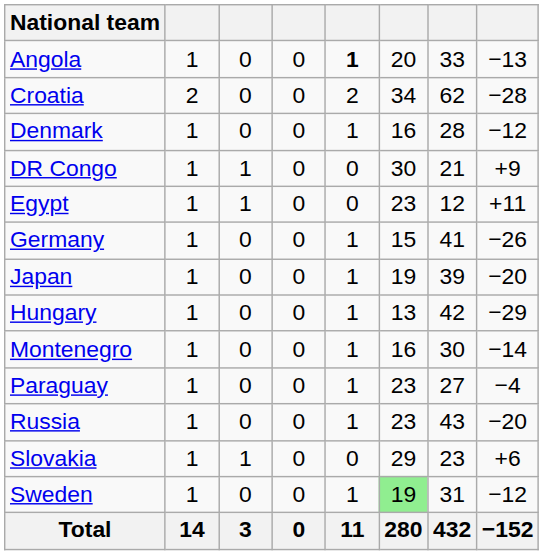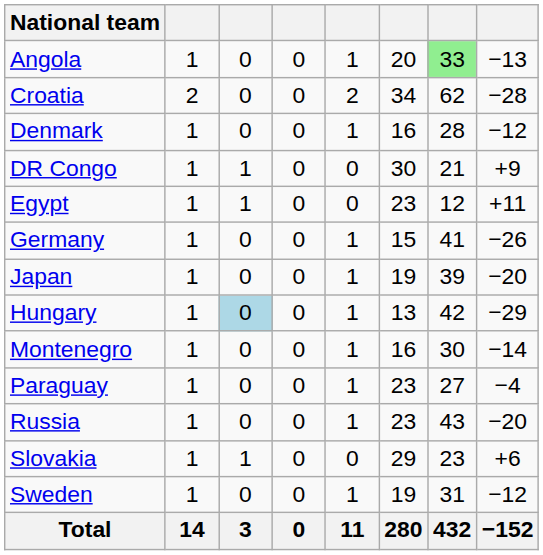 <table class="wikitable" style="text-align: center;">
 <tr>
 <th>National team</th>
 <th width="30"></th>
 <th width="30"></th>
 <th width="30"></th>
 <th width="30"></th>
 <th></th>
 <th></th>
 <th></th>
 </tr>
 <tr>
 <td align="left"> <a href='#'>Angola</a></td>
 <td>1</td>
 <td>0</td>
 <td>0</td>
-<td><strong>1</strong></td>
+<td>1</td>
 <td>20</td>
-<td>33</td>
+<td style="background: lightgreen;">33</td>
 <td>−13</td>
 </tr>
 <tr>
 <td align="left"> <a href='#'>Croatia</a></td>
 <td>2</td>
 <td>0</td>
 <td>0</td>
 <td>2</td>
 <td>34</td>
 <td>62</td>
 <td>−28</td>
 </tr>
 <tr>
 <td align="left"> <a href='#'>Denmark</a></td>
 <td>1</td>
 <td>0</td>
 <td>0</td>
 <td>1</td>
 <td>16</td>
 <td>28</td>
 <td>−12</td>
 </tr>
 <tr>
 <td align="left"> <a href='#'>DR Congo</a></td>
 <td>1</td>
 <td>1</td>
 <td>0</td>
 <td>0</td>
 <td>30</td>
 <td>21</td>
 <td>+9</td>
 </tr>
 <tr>
 <td align="left"> <a href='#'>Egypt</a></td>
 <td>1</td>
 <td>1</td>
 <td>0</td>
 <td>0</td>
 <td>23</td>
 <td>12</td>
 <td>+11</td>
 </tr>
 <tr>
 <td align="left"> <a href='#'>Germany</a></td>
 <td>1</td>
 <td>0</td>
 <td>0</td>
 <td>1</td>
 <td>15</td>
 <td>41</td>
 <td>−26</td>
 </tr>
 <tr>
 <td align="left"> <a href='#'>Japan</a></td>
 <td>1</td>
 <td>0</td>
 <td>0</td>
 <td>1</td>
 <td>19</td>
 <td>39</td>
 <td>−20</td>
 </tr>
 <tr>
 <td align="left"> <a href='#'>Hungary</a></td>
 <td>1</td>
-<td>0</td>
+<td style="background: lightblue;">0</td>
 <td>0</td>
 <td>1</td>
 <td>13</td>
 <td>42</td>
 <td>−29</td>
 </tr>
 <tr>
 <td align="left"> <a href='#'>Montenegro</a></td>
 <td>1</td>
 <td>0</td>
 <td>0</td>
 <td>1</td>
 <td>16</td>
 <td>30</td>
 <td>−14</td>
 </tr>
 <tr>
 <td align="left"> <a href='#'>Paraguay</a></td>
 <td>1</td>
 <td>0</td>
 <td>0</td>
 <td>1</td>
 <td>23</td>
 <td>27</td>
 <td>−4</td>
 </tr>
 <tr>
 <td align="left"> <a href='#'>Russia</a></td>
 <td>1</td>
 <td>0</td>
 <td>0</td>
 <td>1</td>
 <td>23</td>
 <td>43</td>
 <td>−20</td>
 </tr>
 <tr>
 <td align="left"> <a href='#'>Slovakia</a></td>
 <td>1</td>
 <td>1</td>
 <td>0</td>
 <td>0</td>
 <td>29</td>
 <td>23</td>
 <td>+6</td>
 </tr>
 <tr>
 <td align="left"> <a href='#'>Sweden</a></td>
 <td>1</td>
 <td>0</td>
 <td>0</td>
 <td>1</td>
-<td style="background: lightgreen;">19</td>
+<td>19</td>
 <td>31</td>
 <td>−12</td>
 </tr>
 <tr>
 <th>Total</th>
 <th>14</th>
 <th>3</th>
 <th>0</th>
 <th>11</th>
 <th>280</th>
 <th>432</th>
 <th>−152</th>
 </tr>
 </table>
